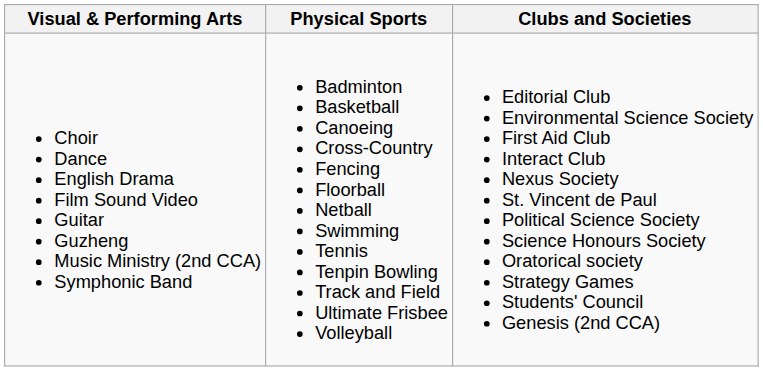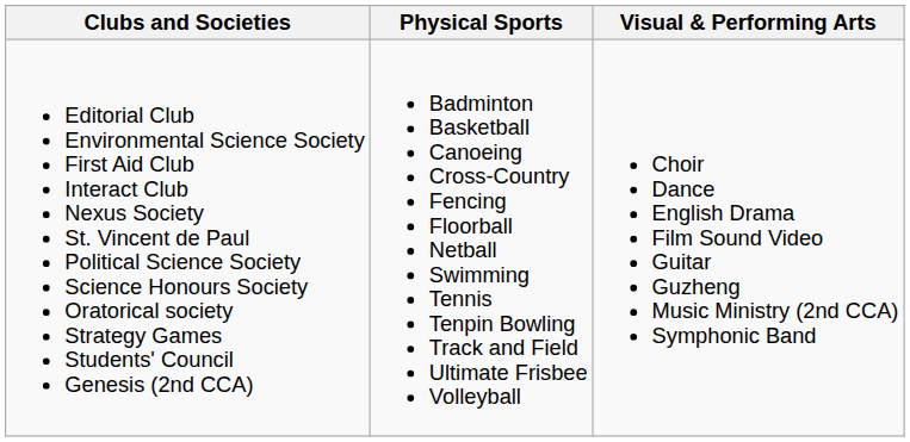 <table class="wikitable">
 <tr>
+<th>Clubs and Societies</th>
+<th>Physical Sports</th>
 <th>Visual & Performing Arts</th>
-<th>Physical Sports</th>
-<th>Clubs and Societies</th>
 </tr>
 <tr>
+<td><br><ul><li>Editorial Club</li><li>Environmental Science Society</li><li>First Aid Club</li><li>Interact Club</li><li>Nexus Society</li><li>St. Vincent de Paul</li><li>Political Science Society</li><li>Science Honours Society</li><li>Oratorical society</li><li>Strategy Games</li><li>Students' Council</li><li>Genesis (2nd CCA)</li></ul></td>
+<td><br><ul><li>Badminton</li><li>Basketball</li><li>Canoeing</li><li>Cross-Country</li><li>Fencing</li><li>Floorball</li><li>Netball</li><li>Swimming</li><li>Tennis</li><li>Tenpin Bowling</li><li>Track and Field</li><li>Ultimate Frisbee</li><li>Volleyball</li></ul></td>
 <td><br><ul><li>Choir</li><li>Dance</li><li>English Drama</li><li>Film Sound Video</li><li>Guitar</li><li>Guzheng</li><li>Music Ministry (2nd CCA)</li><li>Symphonic Band</li></ul></td>
-<td><br><ul><li>Badminton</li><li>Basketball</li><li>Canoeing</li><li>Cross-Country</li><li>Fencing</li><li>Floorball</li><li>Netball</li><li>Swimming</li><li>Tennis</li><li>Tenpin Bowling</li><li>Track and Field</li><li>Ultimate Frisbee</li><li>Volleyball</li></ul></td>
-<td><br><ul><li>Editorial Club</li><li>Environmental Science Society</li><li>First Aid Club</li><li>Interact Club</li><li>Nexus Society</li><li>St. Vincent de Paul</li><li>Political Science Society</li><li>Science Honours Society</li><li>Oratorical society</li><li>Strategy Games</li><li>Students' Council</li><li>Genesis (2nd CCA)</li></ul></td>
 </tr>
 </table>
